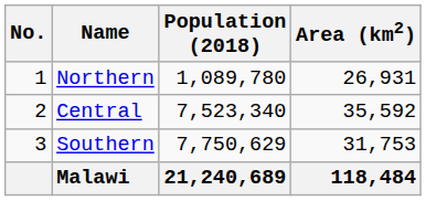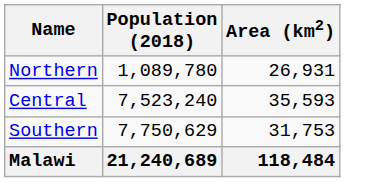 <table class="wikitable sortable" style="text-align: right;”">
 <tr>
-<th>No.</th>
 <th>Name</th>
 <th>Population<br>(2018)</th>
 <th>Area (km<sup>2</sup>)</th>
 </tr>
 <tr>
-<td>1</td>
 <td style="text-align: left;"><a href='#'>Northern</a></td>
 <td>1,089,780</td>
 <td>26,931</td>
 </tr>
 <tr>
-<td>2</td>
 <td style="text-align: left;"><a href='#'>Central</a></td>
-<td>7,523,340</td>
-<td>35,592</td>
+<td>7,523,240</td>
+<td>35,593</td>
 </tr>
 <tr>
-<td>3</td>
 <td style="text-align: left;"><a href='#'>Southern</a></td>
 <td>7,750,629</td>
 <td>31,753</td>
 </tr>
 <tr>
-<th></th>
 <th style="text-align: left;">Malawi</th>
 <th style="text-align: right;">21,240,689</th>
 <th style="text-align: right;">118,484</th>
 </tr>
 </table>
